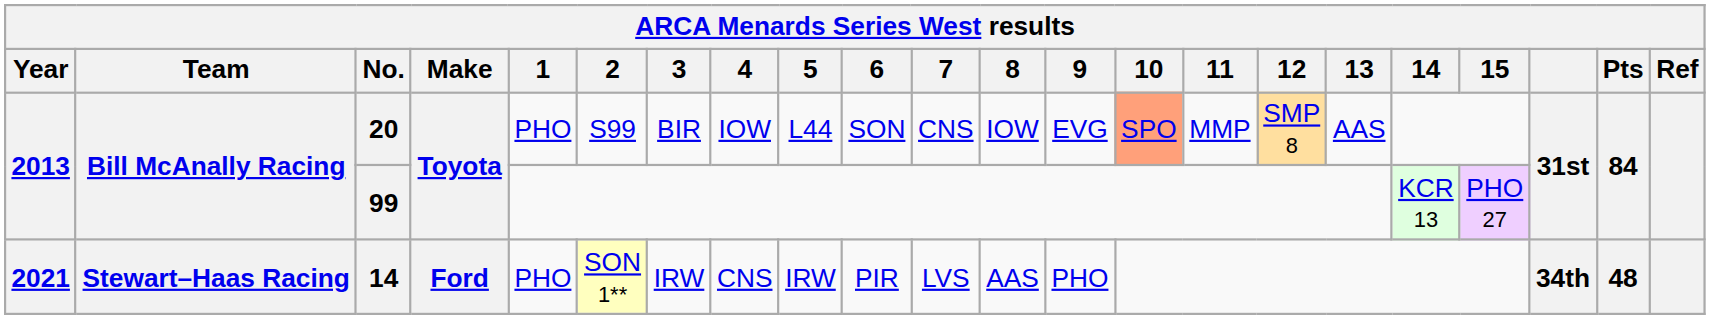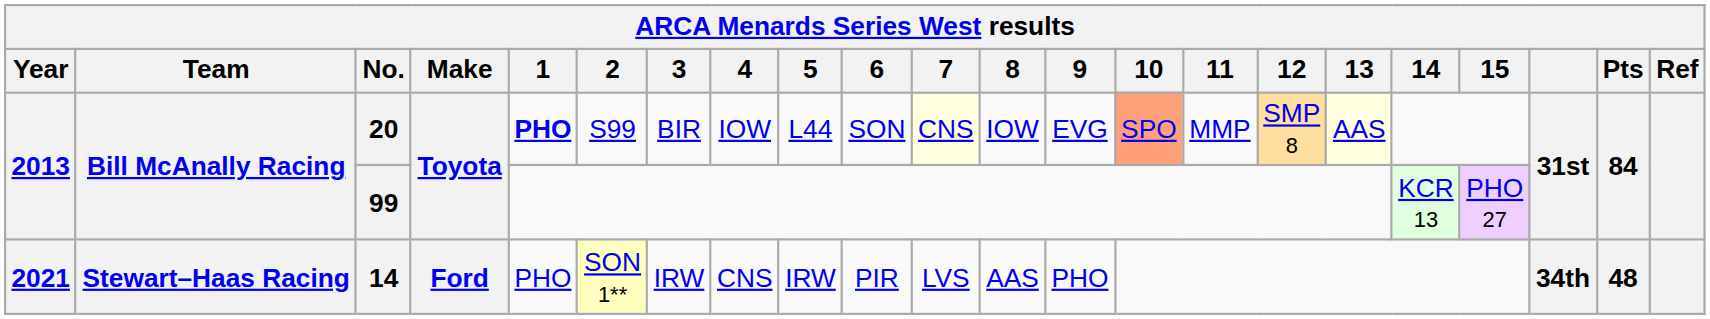 <table class="wikitable" style="text-align:center; font-size:75%">
 <tr>
 <th colspan=22><a href='#'>ARCA Menards Series West</a> results</th>
 </tr>
 <tr>
 <th>Year</th>
 <th>Team</th>
 <th>No.</th>
 <th>Make</th>
 <th>1</th>
 <th>2</th>
 <th>3</th>
 <th>4</th>
 <th>5</th>
 <th>6</th>
 <th>7</th>
 <th>8</th>
 <th>9</th>
 <th>10</th>
 <th>11</th>
 <th>12</th>
 <th>13</th>
 <th>14</th>
 <th>15</th>
 <th></th>
 <th>Pts</th>
 <th>Ref</th>
 </tr>
 <tr>
 <th rowspan=2><a href='#'>2013</a></th>
 <th rowspan=2><a href='#'>Bill McAnally Racing</a></th>
 <th>20</th>
 <th rowspan=2><a href='#'>Toyota</a></th>
-<td><a href='#'>PHO</a></td>
+<td><strong><a href='#'>PHO</a></strong></td>
 <td><a href='#'>S99</a></td>
 <td><a href='#'>BIR</a></td>
 <td><a href='#'>IOW</a></td>
 <td><a href='#'>L44</a></td>
 <td><a href='#'>SON</a></td>
-<td><a href='#'>CNS</a></td>
+<td style="background: lightyellow;"><a href='#'>CNS</a></td>
 <td><a href='#'>IOW</a></td>
 <td><a href='#'>EVG</a></td>
 <td style="background: lightsalmon;"><a href='#'>SPO</a></td>
 <td><a href='#'>MMP</a></td>
 <td style="background:#FFDF9F;"><a href='#'>SMP</a><br><small>8</small></td>
-<td><a href='#'>AAS</a></td>
+<td style="background: lightyellow;"><a href='#'>AAS</a></td>
 <td colspan=2></td>
 <th rowspan=2>31st</th>
 <th rowspan=2>84</th>
 <th rowspan=2></th>
 </tr>
 <tr>
 <th>99</th>
 <td colspan=13></td>
 <td style="background:#DFFFDF;"><a href='#'>KCR</a><br><small>13</small></td>
 <td style="background:#EFCFFF;"><a href='#'>PHO</a><br><small>27</small></td>
 </tr>
 <tr>
 <th><a href='#'>2021</a></th>
 <th><a href='#'>Stewart–Haas Racing</a></th>
 <th>14</th>
 <th><a href='#'>Ford</a></th>
 <td><a href='#'>PHO</a></td>
 <td style="background:#FFFFBF;"><a href='#'>SON</a><br><small>1**</small></td>
 <td><a href='#'>IRW</a></td>
 <td><a href='#'>CNS</a></td>
 <td><a href='#'>IRW</a></td>
 <td><a href='#'>PIR</a></td>
 <td><a href='#'>LVS</a></td>
 <td><a href='#'>AAS</a></td>
 <td><a href='#'>PHO</a></td>
 <td colspan=6></td>
 <th>34th</th>
 <th>48</th>
 <th></th>
 </tr>
 </table>
